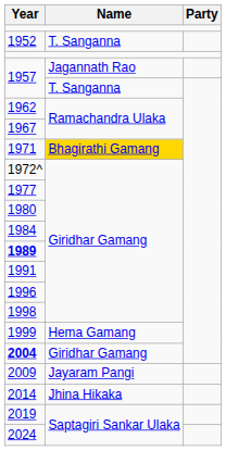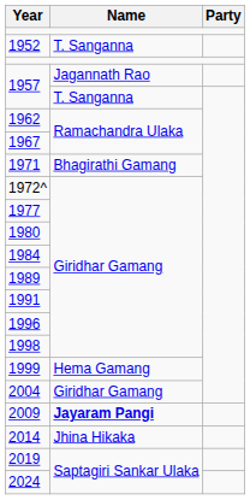 <table class="wikitable sortable">
 <tr>
 <th>Year</th>
 <th>Name</th>
 <th colspan=2>Party</th>
 </tr>
 <tr>
 <td colspan="4"></td>
 </tr>
 <tr>
 <td><a href='#'>1952</a></td>
 <td><a href='#'>T. Sanganna</a></td>
 <td></td>
 </tr>
 <tr>
 <td colspan="4"></td>
 </tr>
 <tr>
 <td rowspan="2"><a href='#'>1957</a></td>
 <td><a href='#'>Jagannath Rao</a></td>
 <td></td>
 </tr>
 <tr>
 <td><a href='#'>T. Sanganna</a></td>
 </tr>
 <tr>
 <td><a href='#'>1962</a></td>
 <td rowspan="2"><a href='#'>Ramachandra Ulaka</a></td>
 </tr>
 <tr>
 <td><a href='#'>1967</a></td>
 </tr>
 <tr>
 <td><a href='#'>1971</a></td>
-<td style="background: gold;"><a href='#'>Bhagirathi Gamang</a></td>
+<td><a href='#'>Bhagirathi Gamang</a></td>
 </tr>
 <tr>
 <td>1972^</td>
 <td rowspan="8"><a href='#'>Giridhar Gamang</a></td>
 </tr>
 <tr>
 <td><a href='#'>1977</a></td>
 </tr>
 <tr>
 <td><a href='#'>1980</a></td>
 </tr>
 <tr>
 <td><a href='#'>1984</a></td>
 </tr>
 <tr>
-<td><strong><a href='#'>1989</a></strong></td>
+<td><a href='#'>1989</a></td>
 </tr>
 <tr>
 <td><a href='#'>1991</a></td>
 </tr>
 <tr>
 <td><a href='#'>1996</a></td>
 </tr>
 <tr>
 <td><a href='#'>1998</a></td>
 </tr>
 <tr>
 <td><a href='#'>1999</a></td>
 <td><a href='#'>Hema Gamang</a></td>
 </tr>
 <tr>
-<td><strong><a href='#'>2004</a></strong></td>
+<td><a href='#'>2004</a></td>
 <td><a href='#'>Giridhar Gamang</a></td>
 </tr>
 <tr>
 <td><a href='#'>2009</a></td>
-<td><a href='#'>Jayaram Pangi</a></td>
+<td><strong><a href='#'>Jayaram Pangi</a></strong></td>
 <td></td>
 </tr>
 <tr>
 <td><a href='#'>2014</a></td>
 <td><a href='#'>Jhina Hikaka</a></td>
 </tr>
 <tr>
 <td><a href='#'>2019</a></td>
 <td rowspan=2><a href='#'>Saptagiri Sankar Ulaka</a></td>
 <td></td>
 </tr>
 <tr>
 <td><a href='#'>2024</a></td>
 </tr>
 </table>
